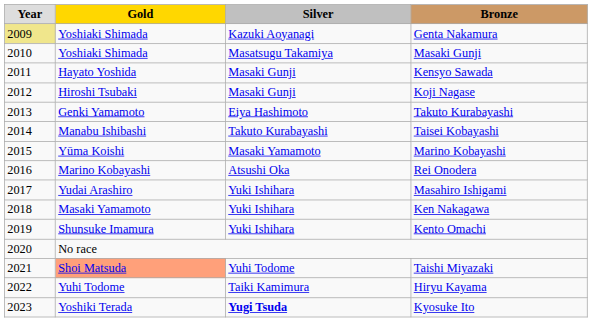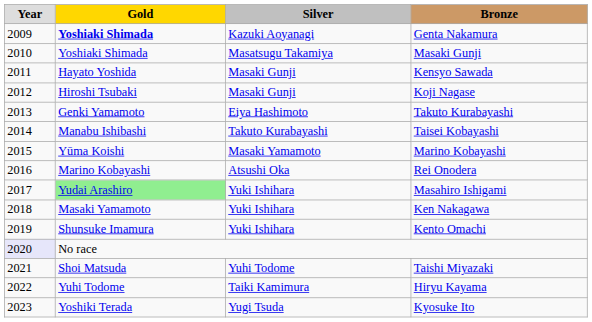 <table class="wikitable" style="width: 60%; text-align:left;">
 <tr>
 <td style="background:#DDDDDD; font-weight:bold; text-align:center;">Year</td>
 <td style="background:gold;font-weight:bold; text-align:center;">Gold</td>
 <td style="background:silver; font-weight:bold; text-align:center;">Silver</td>
 <td style="background:#cc9966; font-weight:bold; text-align:center;">Bronze</td>
 </tr>
 <tr>
-<td style="background: khaki;">2009</td>
-<td><a href='#'>Yoshiaki Shimada</a></td>
+<td>2009</td>
+<td><strong><a href='#'>Yoshiaki Shimada</a></strong></td>
 <td><a href='#'>Kazuki Aoyanagi</a></td>
 <td><a href='#'>Genta Nakamura</a></td>
 </tr>
 <tr>
 <td>2010</td>
 <td><a href='#'>Yoshiaki Shimada</a></td>
 <td><a href='#'>Masatsugu Takamiya</a></td>
 <td><a href='#'>Masaki Gunji</a></td>
 </tr>
 <tr>
 <td>2011</td>
 <td><a href='#'>Hayato Yoshida</a></td>
 <td><a href='#'>Masaki Gunji</a></td>
 <td><a href='#'>Kensyo Sawada</a></td>
 </tr>
 <tr>
 <td>2012</td>
 <td><a href='#'>Hiroshi Tsubaki</a></td>
 <td><a href='#'>Masaki Gunji</a></td>
 <td><a href='#'>Koji Nagase</a></td>
 </tr>
 <tr>
 <td>2013</td>
 <td><a href='#'>Genki Yamamoto</a></td>
 <td><a href='#'>Eiya Hashimoto</a></td>
 <td><a href='#'>Takuto Kurabayashi</a></td>
 </tr>
 <tr>
 <td>2014</td>
 <td><a href='#'>Manabu Ishibashi</a></td>
 <td><a href='#'>Takuto Kurabayashi</a></td>
 <td><a href='#'>Taisei Kobayashi</a></td>
 </tr>
 <tr>
 <td>2015</td>
 <td><a href='#'>Yūma Koishi</a></td>
 <td><a href='#'>Masaki Yamamoto</a></td>
 <td><a href='#'>Marino Kobayashi</a></td>
 </tr>
 <tr>
 <td>2016</td>
 <td><a href='#'>Marino Kobayashi</a></td>
 <td><a href='#'>Atsushi Oka</a></td>
 <td><a href='#'>Rei Onodera</a></td>
 </tr>
 <tr>
 <td>2017</td>
-<td><a href='#'>Yudai Arashiro</a></td>
+<td style="background: lightgreen;"><a href='#'>Yudai Arashiro</a></td>
 <td><a href='#'>Yuki Ishihara</a></td>
 <td><a href='#'>Masahiro Ishigami</a></td>
 </tr>
 <tr>
 <td>2018</td>
 <td><a href='#'>Masaki Yamamoto</a></td>
 <td><a href='#'>Yuki Ishihara</a></td>
 <td><a href='#'>Ken Nakagawa</a></td>
 </tr>
 <tr>
 <td>2019</td>
 <td><a href='#'>Shunsuke Imamura</a></td>
 <td><a href='#'>Yuki Ishihara</a></td>
 <td><a href='#'>Kento Omachi</a></td>
 </tr>
 <tr>
-<td>2020</td>
+<td style="background: lavender;">2020</td>
 <td colspan=3>No race</td>
 </tr>
 <tr>
 <td>2021</td>
-<td style="background: lightsalmon;"><a href='#'>Shoi Matsuda</a></td>
+<td><a href='#'>Shoi Matsuda</a></td>
 <td><a href='#'>Yuhi Todome</a></td>
 <td><a href='#'>Taishi Miyazaki</a></td>
 </tr>
 <tr>
 <td>2022</td>
 <td><a href='#'>Yuhi Todome</a></td>
 <td><a href='#'>Taiki Kamimura</a></td>
 <td><a href='#'>Hiryu Kayama</a></td>
 </tr>
 <tr>
 <td>2023</td>
 <td><a href='#'>Yoshiki Terada</a></td>
-<td><strong><a href='#'>Yugi Tsuda</a></strong></td>
+<td><a href='#'>Yugi Tsuda</a></td>
 <td><a href='#'>Kyosuke Ito</a></td>
 </tr>
 </table>
